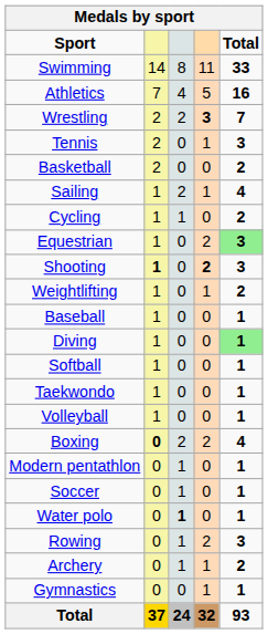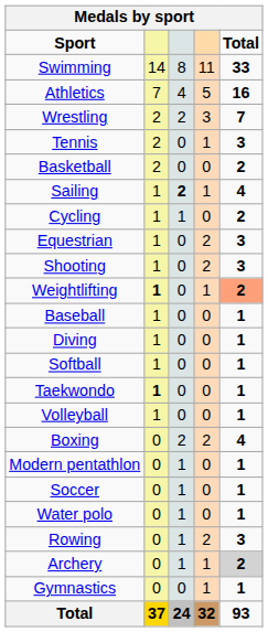 <table class=wikitable style="font-size:85%; float:right;text-align:center">
 <tr bgcolor=EFEFEF>
 <th colspan=7>Medals by sport</th>
 </tr>
 <tr>
 <td><strong>Sport</strong></td>
 <td bgcolor=F7F6A8></td>
 <td bgcolor=DCE5E5></td>
 <td bgcolor=FFDBA9></td>
 <td><strong>Total</strong></td>
 </tr>
 <tr>
 <td><a href='#'>Swimming</a></td>
 <td bgcolor=F7F6A8>14</td>
 <td bgcolor=DCE5E5>8</td>
 <td bgcolor=FFDAB9>11</td>
 <td><strong>33</strong></td>
 </tr>
 <tr>
 <td><a href='#'>Athletics</a></td>
 <td bgcolor=F7F6A8>7</td>
 <td bgcolor=DCE5E5>4</td>
 <td bgcolor=FFDAB9>5</td>
 <td><strong>16</strong></td>
 </tr>
 <tr>
 <td><a href='#'>Wrestling</a></td>
 <td bgcolor=F7F6A8>2</td>
 <td bgcolor=DCE5E5>2</td>
-<td bgcolor=FFDAB9><strong>3</strong></td>
+<td bgcolor=FFDAB9>3</td>
 <td><strong>7</strong></td>
 </tr>
 <tr>
 <td><a href='#'>Tennis</a></td>
 <td bgcolor=F7F6A8>2</td>
 <td bgcolor=DCE5E5>0</td>
 <td bgcolor=FFDAB9>1</td>
 <td><strong>3</strong></td>
 </tr>
 <tr>
 <td><a href='#'>Basketball</a></td>
 <td bgcolor=F7F6A8>2</td>
 <td bgcolor=DCE5E5>0</td>
 <td bgcolor=FFDAB9>0</td>
 <td><strong>2</strong></td>
 </tr>
 <tr>
 <td><a href='#'>Sailing</a></td>
 <td bgcolor=F7F6A8>1</td>
-<td bgcolor=DCE5E5>2</td>
+<td bgcolor=DCE5E5><strong>2</strong></td>
 <td bgcolor=FFDAB9>1</td>
 <td><strong>4</strong></td>
 </tr>
 <tr>
 <td><a href='#'>Cycling</a></td>
 <td bgcolor=F7F6A8>1</td>
 <td bgcolor=DCE5E5>1</td>
 <td bgcolor=FFDAB9>0</td>
 <td><strong>2</strong></td>
 </tr>
 <tr>
 <td><a href='#'>Equestrian</a></td>
 <td bgcolor=F7F6A8>1</td>
 <td bgcolor=DCE5E5>0</td>
 <td bgcolor=FFDAB9>2</td>
-<td style="background: lightgreen;"><strong>3</strong></td>
+<td><strong>3</strong></td>
 </tr>
 <tr>
 <td><a href='#'>Shooting</a></td>
-<td bgcolor=F7F6A8><strong>1</strong></td>
+<td bgcolor=F7F6A8>1</td>
 <td bgcolor=DCE5E5>0</td>
-<td bgcolor=FFDAB9><strong>2</strong></td>
+<td bgcolor=FFDAB9>2</td>
 <td><strong>3</strong></td>
 </tr>
 <tr>
 <td><a href='#'>Weightlifting</a></td>
-<td bgcolor=F7F6A8>1</td>
+<td bgcolor=F7F6A8><strong>1</strong></td>
 <td bgcolor=DCE5E5>0</td>
 <td bgcolor=FFDAB9>1</td>
-<td><strong>2</strong></td>
+<td style="background: lightsalmon;"><strong>2</strong></td>
 </tr>
 <tr>
 <td><a href='#'>Baseball</a></td>
 <td bgcolor=F7F6A8>1</td>
 <td bgcolor=DCE5E5>0</td>
 <td bgcolor=FFDAB9>0</td>
 <td><strong>1</strong></td>
 </tr>
 <tr>
 <td><a href='#'>Diving</a></td>
 <td bgcolor=F7F6A8>1</td>
 <td bgcolor=DCE5E5>0</td>
 <td bgcolor=FFDAB9>0</td>
-<td style="background: lightgreen;"><strong>1</strong></td>
+<td><strong>1</strong></td>
 </tr>
 <tr>
 <td><a href='#'>Softball</a></td>
 <td bgcolor=F7F6A8>1</td>
 <td bgcolor=DCE5E5>0</td>
 <td bgcolor=FFDAB9>0</td>
 <td><strong>1</strong></td>
 </tr>
 <tr>
 <td><a href='#'>Taekwondo</a></td>
-<td bgcolor=F7F6A8>1</td>
+<td bgcolor=F7F6A8><strong>1</strong></td>
 <td bgcolor=DCE5E5>0</td>
 <td bgcolor=FFDAB9>0</td>
 <td><strong>1</strong></td>
 </tr>
 <tr>
 <td><a href='#'>Volleyball</a></td>
 <td bgcolor=F7F6A8>1</td>
 <td bgcolor=DCE5E5>0</td>
 <td bgcolor=FFDAB9>0</td>
 <td><strong>1</strong></td>
 </tr>
 <tr>
 <td><a href='#'>Boxing</a></td>
-<td bgcolor=F7F6A8><strong>0</strong></td>
+<td bgcolor=F7F6A8>0</td>
 <td bgcolor=DCE5E5>2</td>
 <td bgcolor=FFDAB9>2</td>
 <td><strong>4</strong></td>
 </tr>
 <tr>
 <td><a href='#'>Modern pentathlon</a></td>
 <td bgcolor=F7F6A8>0</td>
 <td bgcolor=DCE5E5>1</td>
 <td bgcolor=FFDAB9>0</td>
 <td><strong>1</strong></td>
 </tr>
 <tr>
 <td><a href='#'>Soccer</a></td>
 <td bgcolor=F7F6A8>0</td>
 <td bgcolor=DCE5E5>1</td>
 <td bgcolor=FFDAB9>0</td>
 <td><strong>1</strong></td>
 </tr>
 <tr>
 <td><a href='#'>Water polo</a></td>
 <td bgcolor=F7F6A8>0</td>
-<td bgcolor=DCE5E5><strong>1</strong></td>
+<td bgcolor=DCE5E5>1</td>
 <td bgcolor=FFDAB9>0</td>
 <td><strong>1</strong></td>
 </tr>
 <tr>
 <td><a href='#'>Rowing</a></td>
 <td bgcolor=F7F6A8>0</td>
 <td bgcolor=DCE5E5>1</td>
 <td bgcolor=FFDAB9>2</td>
 <td><strong>3</strong></td>
 </tr>
 <tr>
 <td><a href='#'>Archery</a></td>
 <td bgcolor=F7F6A8>0</td>
 <td bgcolor=DCE5E5>1</td>
 <td bgcolor=FFDAB9>1</td>
-<td><strong>2</strong></td>
+<td style="background: lightgrey;"><strong>2</strong></td>
 </tr>
 <tr>
 <td><a href='#'>Gymnastics</a></td>
 <td bgcolor=F7F6A8>0</td>
 <td bgcolor=DCE5E5>0</td>
 <td bgcolor=FFDAB9>1</td>
 <td><strong>1</strong></td>
 </tr>
 <tr>
 <th>Total</th>
 <td style="background:gold;"><strong>37</strong></td>
 <td style="background:silver;"><strong>24</strong></td>
 <td style="background:#c96;"><strong>32</strong></td>
 <td><strong>93</strong></td>
 </tr>
 </table>
